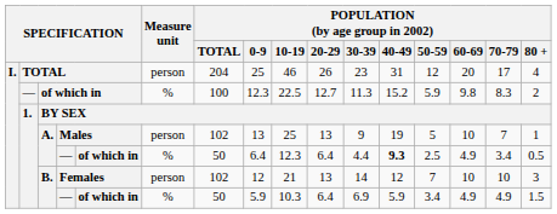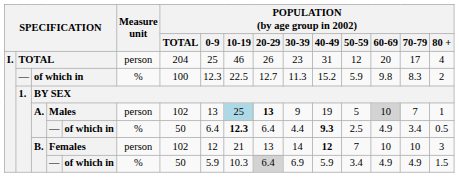 <table class="wikitable" style="font-size:85%; text-align:center">
 <tr>
 <th rowspan="2" colspan="5">SPECIFICATION</th>
 <th rowspan="2">Measure<br> unit</th>
 <th colspan="10" rowspan="1">POPULATION<br> (by age group in 2002)</th>
 </tr>
 <tr>
 <th>TOTAL</th>
 <th>0-9</th>
 <th>10-19</th>
 <th>20-29</th>
 <th>30-39</th>
 <th>40-49</th>
 <th>50-59</th>
 <th>60-69</th>
 <th>70-79</th>
 <th>80 +</th>
 </tr>
 <tr>
 <th style="text-align:left" valign="top" rowspan="7">I.</th>
 <th style="text-align:left" colspan="4">TOTAL</th>
 <td>person</td>
 <td>204</td>
 <td>25</td>
 <td>46</td>
 <td>26</td>
 <td>23</td>
 <td>31</td>
 <td>12</td>
 <td>20</td>
 <td>17</td>
 <td>4</td>
 </tr>
 <tr>
 <th style="text-align:left" valign="top">—</th>
 <th style="text-align:left" colspan="3">of which in</th>
 <td>%</td>
 <td>100</td>
 <td>12.3</td>
 <td>22.5</td>
 <td>12.7</td>
 <td>11.3</td>
 <td>15.2</td>
 <td>5.9</td>
 <td>9.8</td>
 <td>8.3</td>
 <td>2</td>
 </tr>
 <tr>
 <th style="text-align:left" valign="top" rowspan="5">1.</th>
 <th style="text-align:left" colspan="14">BY SEX</th>
 </tr>
 <tr>
 <th style="text-align:left" valign="top" rowspan="2">A.</th>
 <th style="text-align:left" colspan="2">Males</th>
 <td>person</td>
 <td>102</td>
 <td>13</td>
-<td>25</td>
-<td>13</td>
+<td style="background: lightblue;">25</td>
+<td><strong>13</strong></td>
 <td>9</td>
 <td>19</td>
 <td>5</td>
-<td>10</td>
+<td style="background: lightgrey;">10</td>
 <td>7</td>
 <td>1</td>
 </tr>
 <tr>
 <th style="text-align:left" valign="top">—</th>
 <th style="text-align:left" colspan="1">of which in</th>
 <td>%</td>
 <td>50</td>
 <td>6.4</td>
-<td>12.3</td>
+<td><strong>12.3</strong></td>
 <td>6.4</td>
 <td>4.4</td>
 <td><strong>9.3</strong></td>
 <td>2.5</td>
 <td>4.9</td>
 <td>3.4</td>
 <td>0.5</td>
 </tr>
 <tr>
 <th style="text-align:left" valign="top" rowspan="2">B.</th>
 <th style="text-align:left" colspan="2">Females</th>
 <td>person</td>
 <td>102</td>
 <td>12</td>
 <td>21</td>
 <td>13</td>
 <td>14</td>
-<td>12</td>
+<td><strong>12</strong></td>
 <td>7</td>
 <td>10</td>
 <td>10</td>
 <td>3</td>
 </tr>
 <tr>
 <th style="text-align:left" valign="top">—</th>
 <th style="text-align:left" colspan="1">of which in</th>
 <td>%</td>
 <td>50</td>
 <td>5.9</td>
 <td>10.3</td>
-<td>6.4</td>
+<td style="background: lightgrey;">6.4</td>
 <td>6.9</td>
 <td>5.9</td>
 <td>3.4</td>
 <td>4.9</td>
 <td>4.9</td>
 <td>1.5</td>
 </tr>
 </table>
